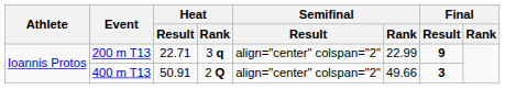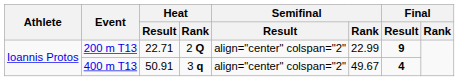 <table class="wikitable">
 <tr>
 <th rowspan="2">Athlete</th>
 <th rowspan="2">Event</th>
 <th colspan="2">Heat</th>
 <th colspan="2">Semifinal</th>
 <th colspan="2">Final</th>
 </tr>
 <tr>
 <th>Result</th>
 <th>Rank</th>
 <th>Result</th>
 <th>Rank</th>
 <th>Result</th>
 <th>Rank</th>
 </tr>
 <tr>
 <td rowspan=2><a href='#'>Ioannis Protos</a></td>
 <td><a href='#'>200 m T13</a></td>
 <td align="center">22.71</td>
-<td align="center">3 <strong>q</strong></td>
+<td align="center">2 <strong>Q</strong></td>
 <td>align="center" colspan="2" </td>
 <td align="center">22.99</td>
 <td align="center"><strong>9</strong></td>
 </tr>
 <tr>
 <td><a href='#'>400 m T13</a></td>
 <td align="center">50.91</td>
-<td align="center">2 <strong>Q</strong></td>
+<td align="center">3 <strong>q</strong></td>
 <td>align="center" colspan="2" </td>
-<td align="center">49.66</td>
-<td align="center"><strong>3</strong></td>
+<td align="center">49.67</td>
+<td align="center"><strong>4</strong></td>
 </tr>
 </table>
